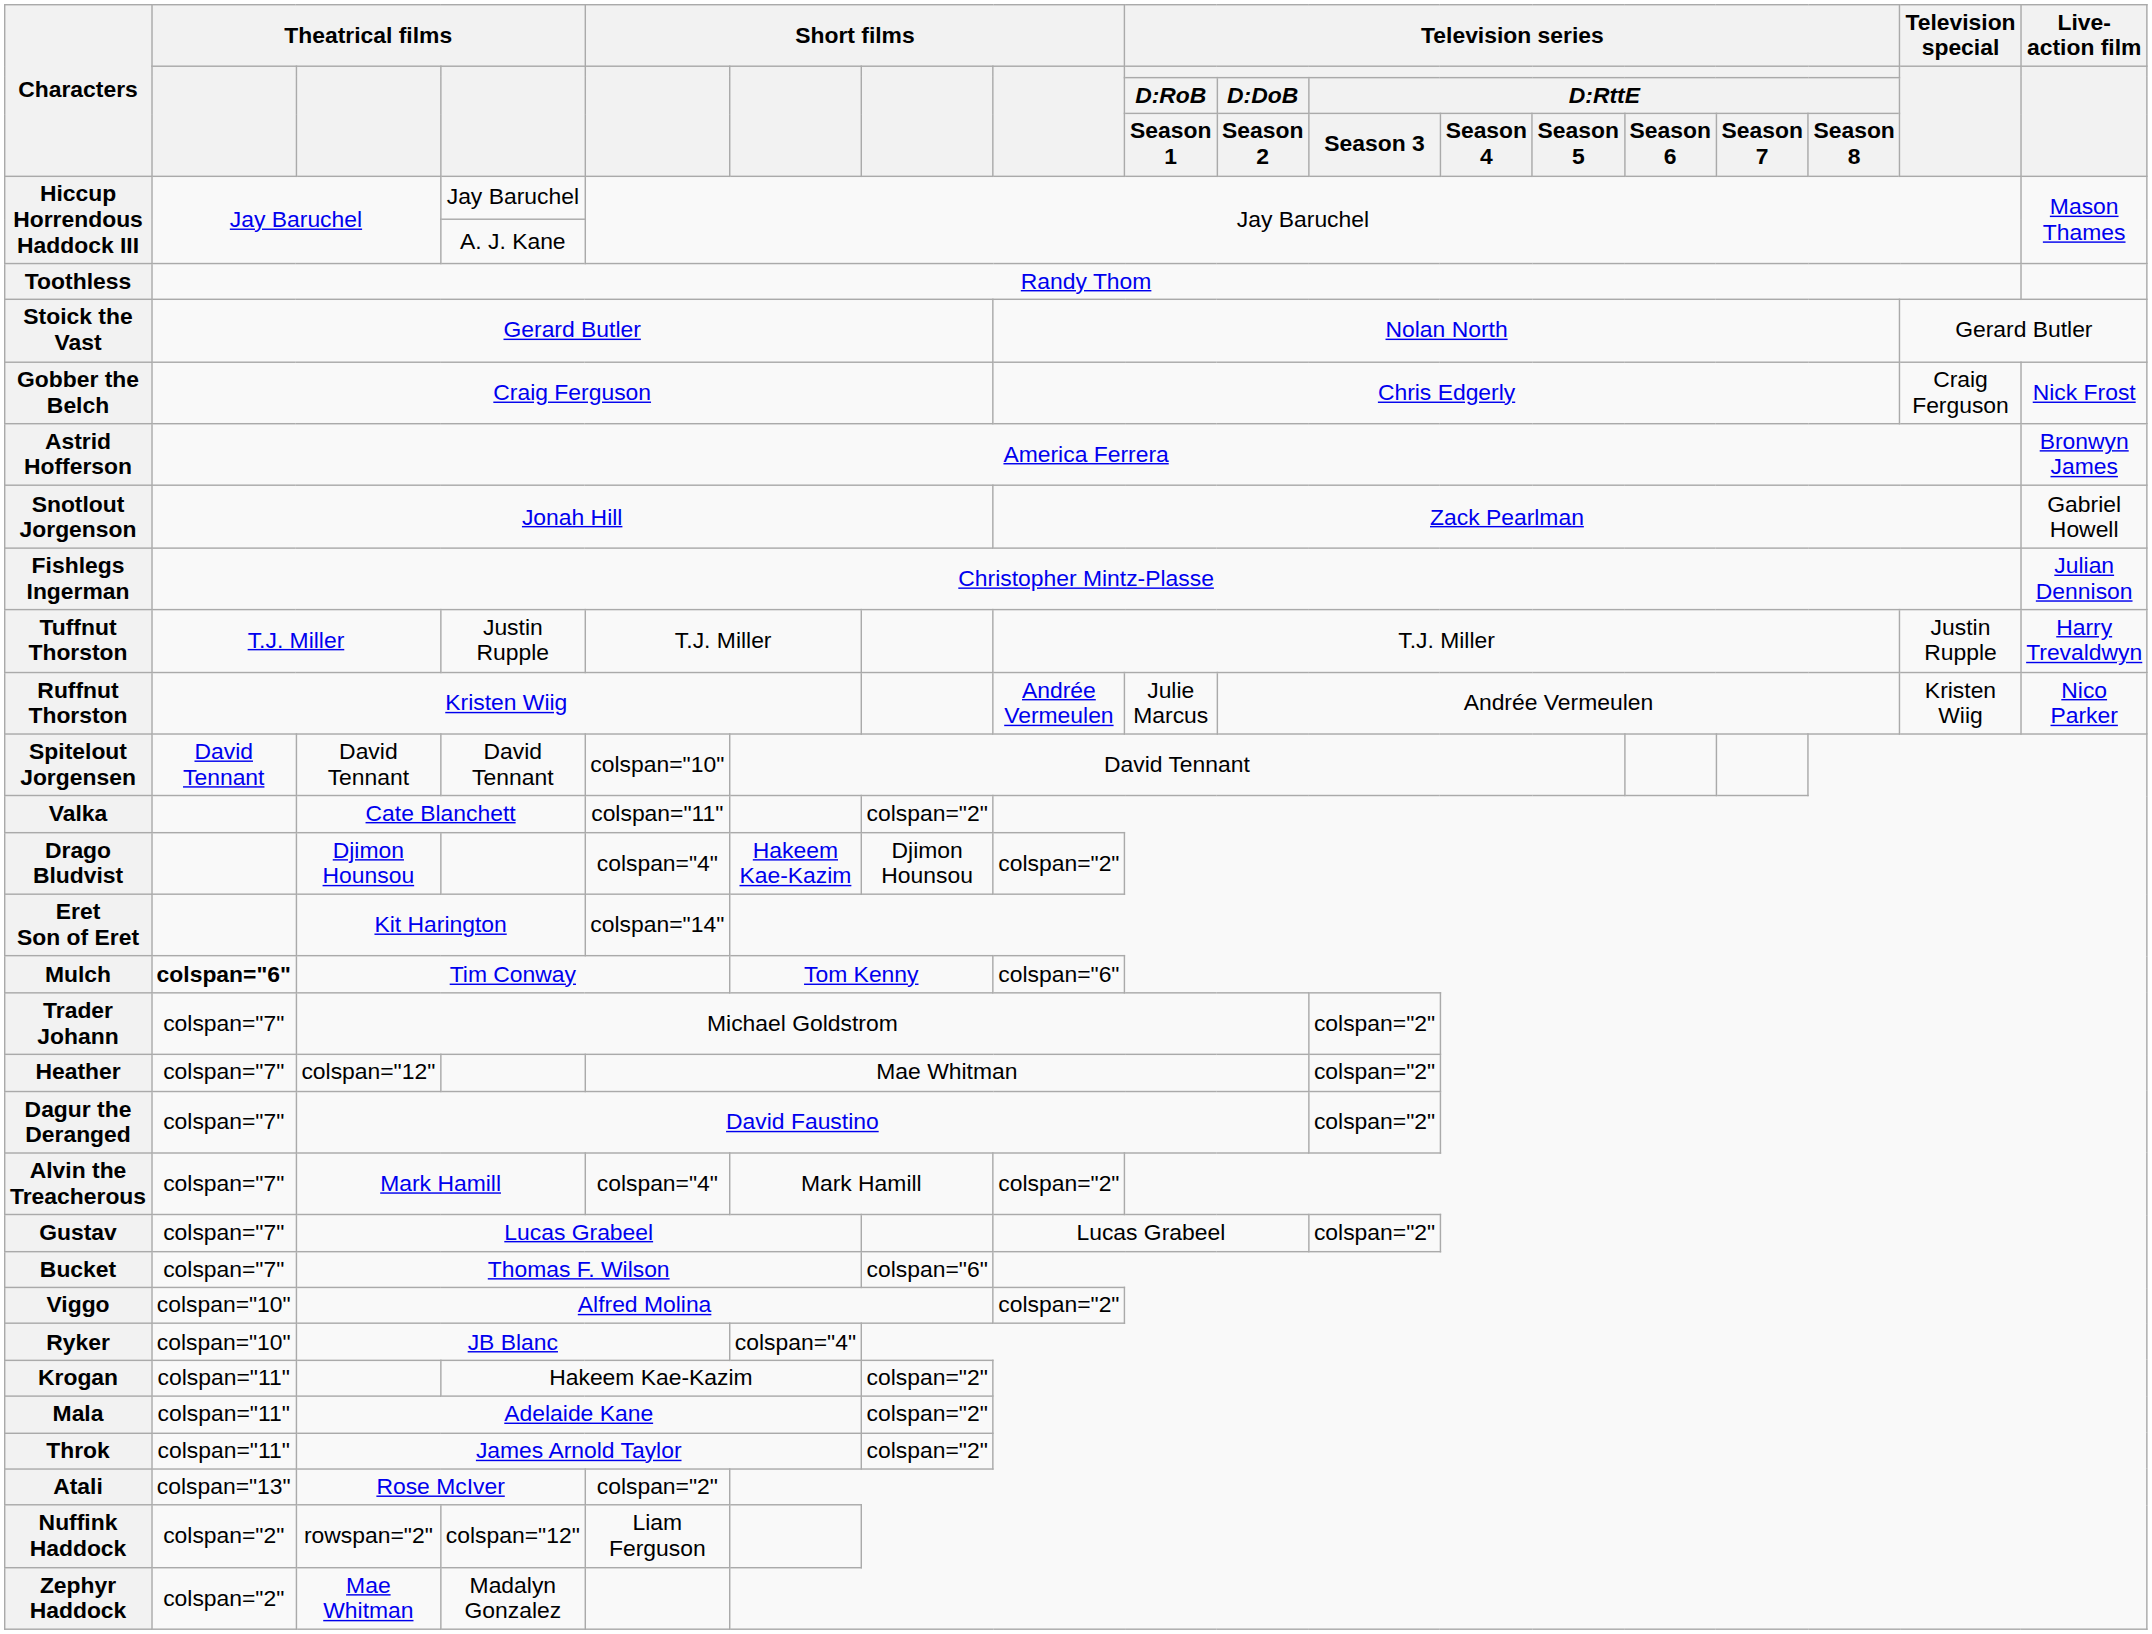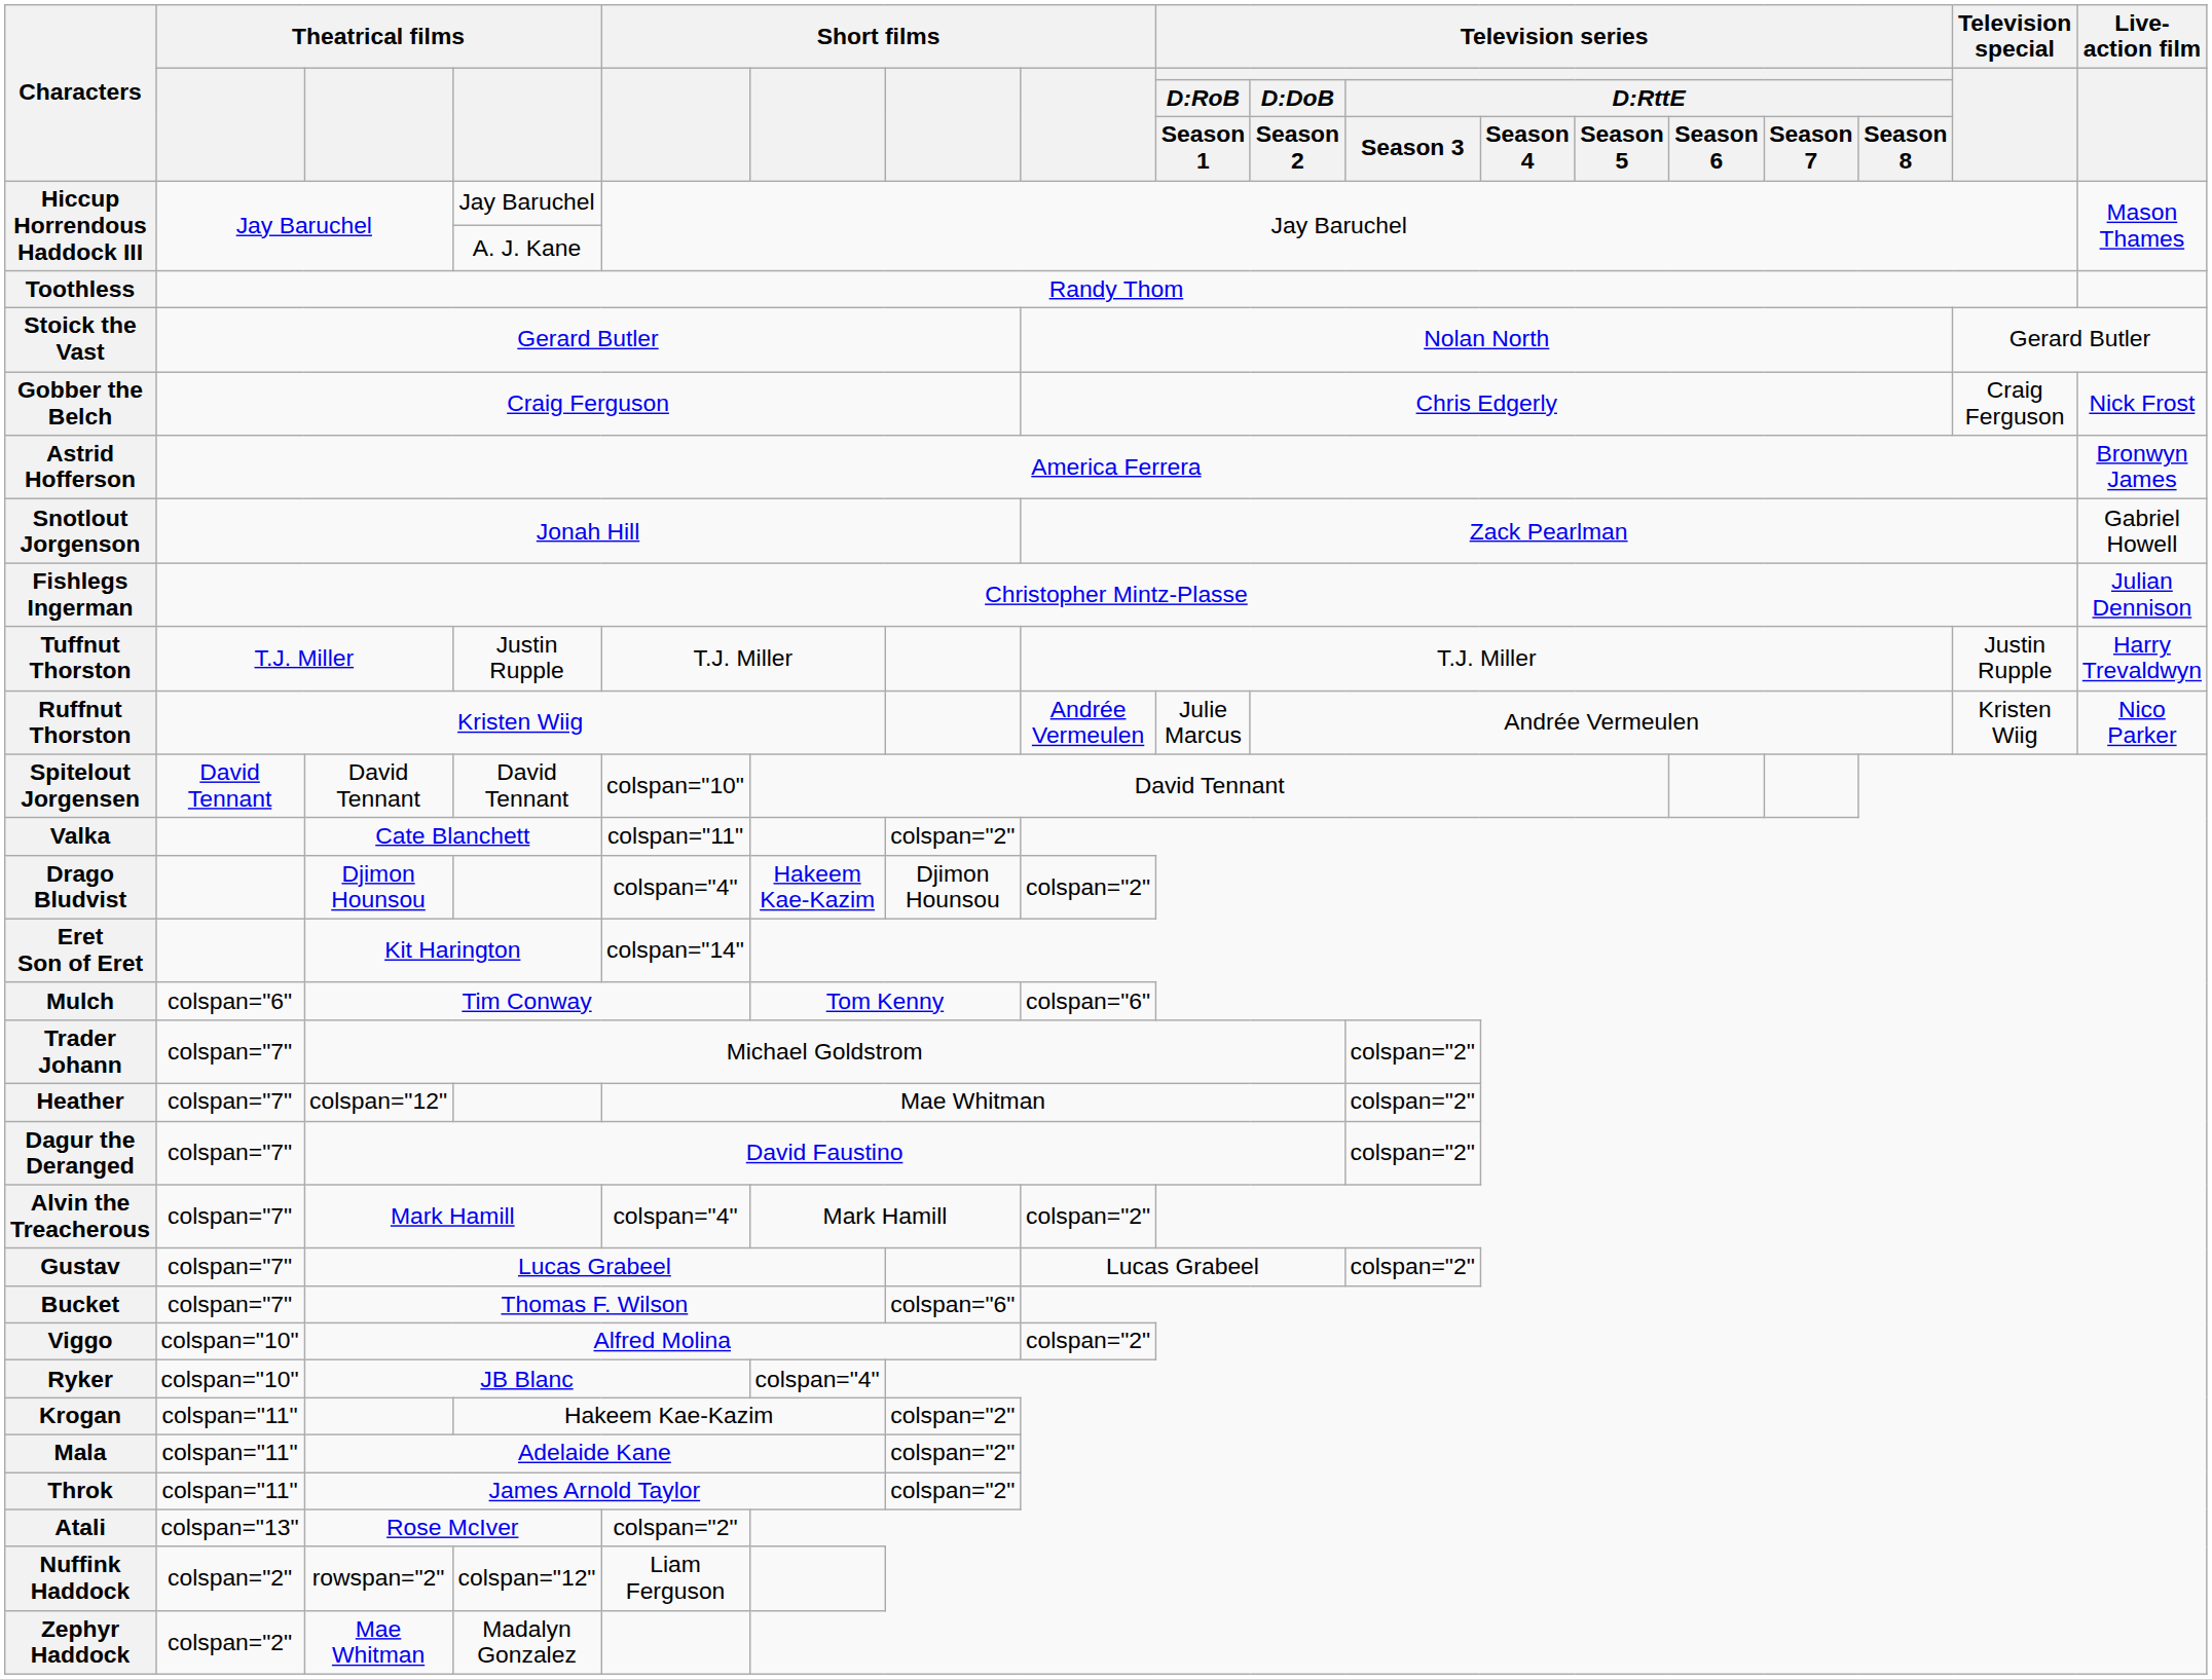 <table class="wikitable" style="text-align: center;">
 <tr>
 <th rowspan="4">Characters</th>
 <th colspan="3">Theatrical films</th>
 <th colspan="4">Short films</th>
 <th colspan="8">Television series</th>
 <th>Television special</th>
 <th>Live-action film</th>
 </tr>
 <tr>
 <th rowspan="3"><em><a href='#'></a></em></th>
 <th rowspan="3"><em><a href='#'></a></em></th>
 <th rowspan="3"><em><a href='#'></a></em></th>
 <th rowspan="3"><em><a href='#'></a></em></th>
 <th rowspan="3"><em><a href='#'></a></em></th>
 <th rowspan="3"><em><a href='#'></a></em></th>
 <th rowspan="3"><em><a href='#'></a></em></th>
 <th colspan="8"><em><a href='#'></a></em></th>
 <th rowspan="3"><em><a href='#'></a></em></th>
 <th rowspan="3"><em><a href='#'></a></em></th>
 </tr>
 <tr>
 <th><em>D:RoB</em></th>
 <th><em>D:DoB</em></th>
 <th colspan="6"><em>D:RttE</em></th>
 </tr>
 <tr>
 <th>Season 1</th>
 <th>Season 2</th>
 <th>Season 3</th>
 <th>Season 4</th>
 <th>Season 5</th>
 <th>Season 6</th>
 <th>Season 7</th>
 <th>Season 8</th>
 </tr>
 <tr>
 <th rowspan="2">Hiccup Horrendous Haddock III</th>
 <td rowspan="2" colspan="2"><a href='#'>Jay Baruchel</a></td>
 <td>Jay Baruchel</td>
 <td rowspan="2" colspan="13">Jay Baruchel</td>
 <td rowspan="2"><a href='#'>Mason Thames</a></td>
 </tr>
 <tr>
 <td>A. J. Kane</td>
 </tr>
 <tr>
 <th>Toothless</th>
 <td colspan="16"><a href='#'>Randy Thom</a></td>
 <td></td>
 </tr>
 <tr>
 <th>Stoick the Vast</th>
 <td colspan="6"><a href='#'>Gerard Butler</a></td>
 <td colspan="9"><a href='#'>Nolan North</a></td>
 <td colspan="2">Gerard Butler</td>
 </tr>
 <tr>
 <th>Gobber the Belch</th>
 <td colspan="6"><a href='#'>Craig Ferguson</a></td>
 <td colspan="9"><a href='#'>Chris Edgerly</a></td>
 <td>Craig Ferguson</td>
 <td><a href='#'>Nick Frost</a></td>
 </tr>
 <tr>
 <th>Astrid Hofferson</th>
 <td colspan="16"><a href='#'>America Ferrera</a></td>
 <td><a href='#'>Bronwyn James</a></td>
 </tr>
 <tr>
 <th>Snotlout Jorgenson</th>
 <td colspan="6"><a href='#'>Jonah Hill</a></td>
 <td colspan="10"><a href='#'>Zack Pearlman</a></td>
 <td>Gabriel Howell</td>
 </tr>
 <tr>
 <th>Fishlegs Ingerman</th>
 <td colspan="16"><a href='#'>Christopher Mintz-Plasse</a></td>
 <td><a href='#'>Julian Dennison</a></td>
 </tr>
 <tr>
 <th>Tuffnut Thorston</th>
 <td colspan="2"><a href='#'>T.J. Miller</a></td>
 <td>Justin Rupple</td>
 <td colspan="2">T.J. Miller</td>
 <td></td>
 <td colspan="9">T.J. Miller</td>
 <td>Justin Rupple</td>
 <td><a href='#'>Harry Trevaldwyn</a></td>
 </tr>
 <tr>
 <th>Ruffnut Thorston</th>
 <td colspan="5"><a href='#'>Kristen Wiig</a></td>
 <td></td>
 <td><a href='#'>Andrée Vermeulen</a></td>
 <td>Julie Marcus</td>
 <td colspan="7">Andrée Vermeulen</td>
 <td>Kristen Wiig</td>
 <td><a href='#'>Nico Parker</a></td>
 </tr>
 <tr>
 <th>Spitelout Jorgensen</th>
 <td><a href='#'>David Tennant</a></td>
 <td>David Tennant</td>
 <td>David Tennant</td>
 <td>colspan="10" </td>
 <td colspan="8">David Tennant</td>
 <td></td>
 <td></td>
 </tr>
 <tr>
 <th>Valka</th>
 <td></td>
 <td colspan="2"><a href='#'>Cate Blanchett</a></td>
 <td>colspan="11" </td>
 <td></td>
 <td>colspan="2" </td>
 </tr>
 <tr>
 <th>Drago Bludvist</th>
 <td></td>
 <td><a href='#'>Djimon Hounsou</a></td>
 <td></td>
 <td>colspan="4" </td>
 <td><a href='#'>Hakeem Kae-Kazim</a></td>
 <td>Djimon Hounsou</td>
 <td>colspan="2" </td>
 </tr>
 <tr>
 <th>Eret<br>Son of Eret</th>
 <td></td>
 <td colspan="2"><a href='#'>Kit Harington</a></td>
 <td>colspan="14" </td>
 </tr>
 <tr>
 <th>Mulch</th>
-<td><strong>colspan="6" </strong></td>
+<td>colspan="6" </td>
 <td colspan="3"><a href='#'>Tim Conway</a></td>
 <td colspan="2"><a href='#'>Tom Kenny</a></td>
 <td>colspan="6" </td>
 </tr>
 <tr>
 <th>Trader Johann</th>
 <td>colspan="7" </td>
 <td colspan="8">Michael Goldstrom</td>
 <td>colspan="2" </td>
 </tr>
 <tr>
 <th>Heather</th>
 <td>colspan="7" </td>
 <td>colspan="12" </td>
 <td></td>
 <td colspan="6">Mae Whitman</td>
 <td>colspan="2" </td>
 </tr>
 <tr>
 <th>Dagur the Deranged</th>
 <td>colspan="7" </td>
 <td colspan="8"><a href='#'>David Faustino</a></td>
 <td>colspan="2" </td>
 </tr>
 <tr>
 <th>Alvin the Treacherous</th>
 <td>colspan="7" </td>
 <td colspan="2"><a href='#'>Mark Hamill</a></td>
 <td>colspan="4" </td>
 <td colspan="2">Mark Hamill</td>
 <td>colspan="2" </td>
 </tr>
 <tr>
 <th>Gustav</th>
 <td>colspan="7" </td>
 <td colspan="4"><a href='#'>Lucas Grabeel</a></td>
 <td></td>
 <td colspan="3">Lucas Grabeel</td>
 <td>colspan="2" </td>
 </tr>
 <tr>
 <th>Bucket</th>
 <td>colspan="7" </td>
 <td colspan="4"><a href='#'>Thomas F. Wilson</a></td>
 <td>colspan="6" </td>
 </tr>
 <tr>
 <th>Viggo</th>
 <td>colspan="10" </td>
 <td colspan="5"><a href='#'>Alfred Molina</a></td>
 <td>colspan="2" </td>
 </tr>
 <tr>
 <th>Ryker</th>
 <td>colspan="10" </td>
 <td colspan="3"><a href='#'>JB Blanc</a></td>
 <td>colspan="4" </td>
 </tr>
 <tr>
 <th>Krogan</th>
 <td>colspan="11" </td>
 <td></td>
 <td colspan="3">Hakeem Kae-Kazim</td>
 <td>colspan="2" </td>
 </tr>
 <tr>
 <th>Mala</th>
 <td>colspan="11" </td>
 <td colspan="4"><a href='#'>Adelaide Kane</a></td>
 <td>colspan="2" </td>
 </tr>
 <tr>
 <th>Throk</th>
 <td>colspan="11" </td>
 <td colspan="4"><a href='#'>James Arnold Taylor</a></td>
 <td>colspan="2" </td>
 </tr>
 <tr>
 <th>Atali</th>
 <td>colspan="13" </td>
 <td colspan="2"><a href='#'>Rose McIver</a></td>
 <td>colspan="2" </td>
 </tr>
 <tr>
 <th>Nuffink Haddock</th>
 <td>colspan="2" </td>
 <td>rowspan="2" </td>
 <td>colspan="12" </td>
 <td>Liam Ferguson</td>
 <td></td>
 </tr>
 <tr>
 <th>Zephyr Haddock</th>
 <td>colspan="2" </td>
 <td><a href='#'>Mae Whitman</a></td>
 <td>Madalyn Gonzalez</td>
 <td></td>
 </tr>
 </table>
